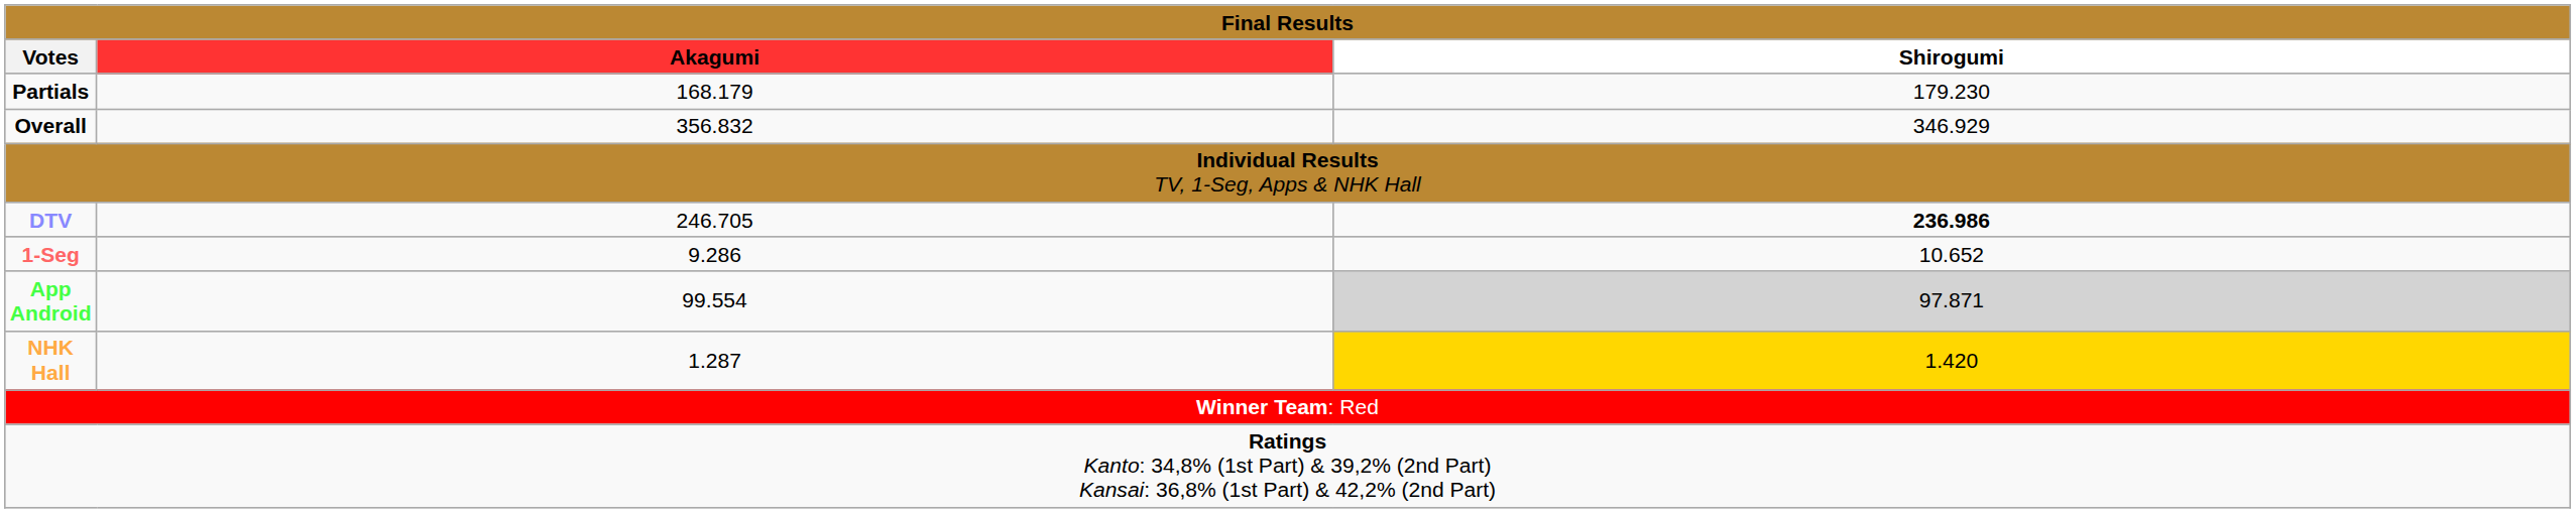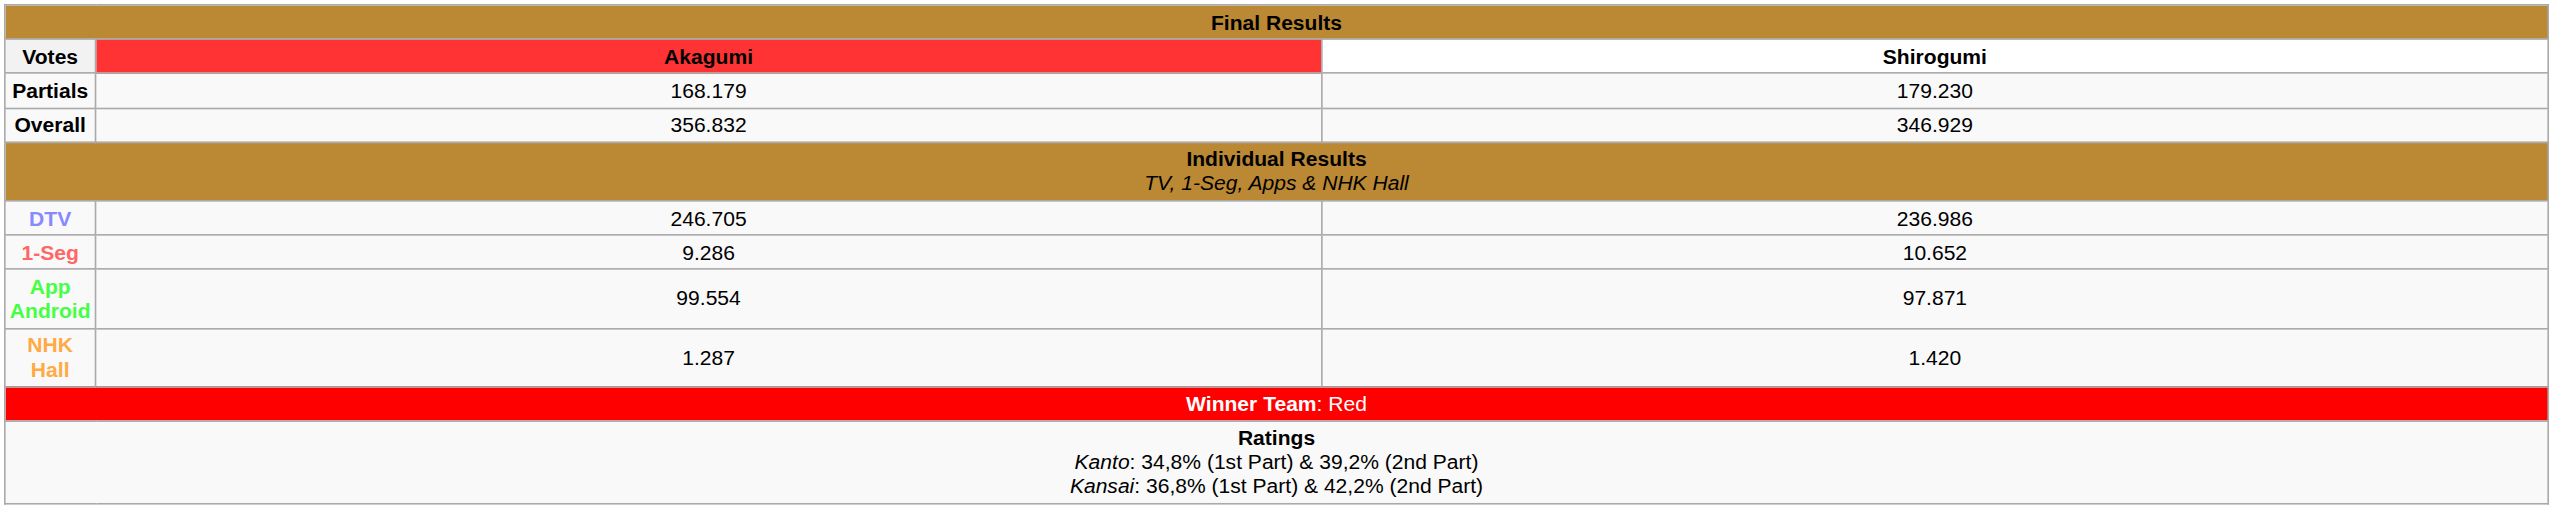 <table class="wikitable" style="font-size:small; text-align:center">
 <tr>
 <th colspan="4" style="background: #b83; wid: 50%;"><strong>Final Results</strong></th>
 </tr>
 <tr>
 <th style="background: #White; wid: 50%;">Votes</th>
 <th style="background: #f33; width: 50%;">Akagumi</th>
 <th style="background: #fff; width: 50%;">Shirogumi</th>
 </tr>
 <tr>
 <td><strong>Partials</strong></td>
 <td>168.179</td>
 <td>179.230</td>
 </tr>
 <tr>
 <td><strong>Overall</strong></td>
 <td>356.832</td>
 <td>346.929</td>
 </tr>
 <tr>
 <td colspan="4" style="background: #b83;"><strong>Individual Results</strong><br><em>TV, 1-Seg, Apps & NHK Hall</em></td>
 </tr>
 <tr>
 <td style="color: #88f;"><strong>DTV</strong></td>
 <td>246.705</td>
-<td><strong>236.986</strong></td>
+<td>236.986</td>
 </tr>
 <tr>
 <td style="color: #f66;"><strong>1-Seg</strong></td>
 <td>9.286</td>
 <td>10.652</td>
 </tr>
 <tr>
 <td style="color: #4f4;"><strong>App Android</strong></td>
 <td>99.554</td>
-<td style="background: lightgrey;">97.871</td>
+<td>97.871</td>
 </tr>
 <tr>
 <td style="color: #fa4;"><strong>NHK Hall</strong></td>
 <td>1.287</td>
-<td style="background: gold;">1.420</td>
+<td>1.420</td>
 </tr>
 <tr>
 <td colspan="3" style="background: red; color: white"><strong>Winner Team</strong>: Red</td>
 </tr>
 <tr>
 <td Colspan="3"><strong>Ratings</strong><br><em>Kanto</em>: 34,8% (1st Part) & 39,2% (2nd Part)<br><em>Kansai</em>: 36,8% (1st Part) & 42,2% (2nd Part)</td>
 </tr>
 </table>
